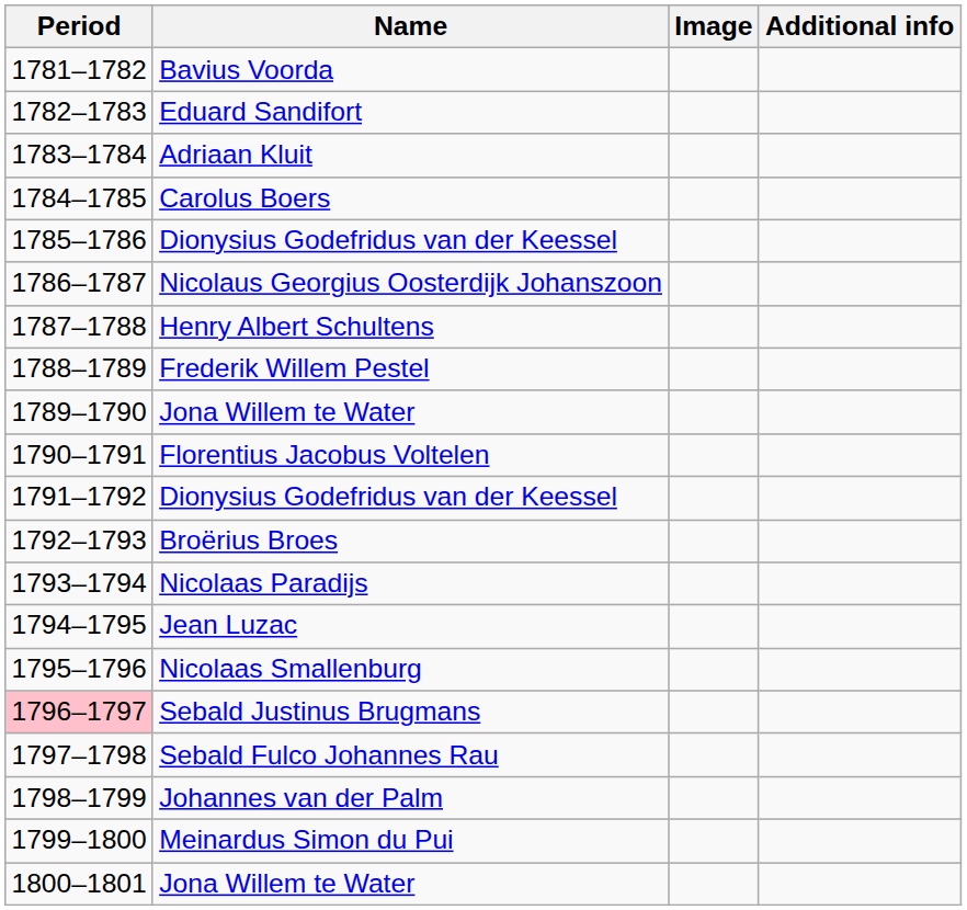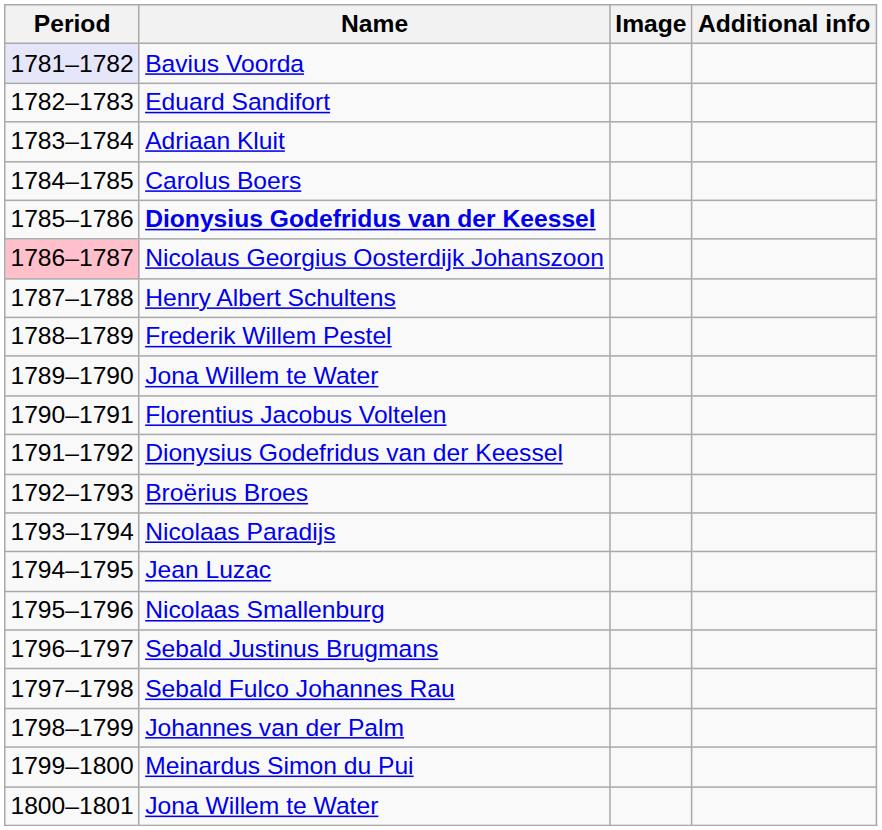 <table class="wikitable">
 <tr>
 <th>Period</th>
 <th>Name</th>
 <th>Image</th>
 <th>Additional info</th>
 </tr>
 <tr>
-<td>1781–1782</td>
+<td style="background: lavender;">1781–1782</td>
 <td><a href='#'>Bavius Voorda</a></td>
 <td></td>
 <td></td>
 </tr>
 <tr>
 <td>1782–1783</td>
 <td><a href='#'>Eduard Sandifort</a></td>
 <td></td>
 <td></td>
 </tr>
 <tr>
 <td>1783–1784</td>
 <td><a href='#'>Adriaan Kluit</a></td>
 <td></td>
 <td></td>
 </tr>
 <tr>
 <td>1784–1785</td>
 <td><a href='#'>Carolus Boers</a></td>
 <td></td>
 <td></td>
 </tr>
 <tr>
 <td>1785–1786</td>
-<td><a href='#'>Dionysius Godefridus van der Keessel</a></td>
+<td><strong><a href='#'>Dionysius Godefridus van der Keessel</a></strong></td>
 <td></td>
 <td></td>
 </tr>
 <tr>
-<td>1786–1787</td>
+<td style="background: pink;">1786–1787</td>
 <td><a href='#'>Nicolaus Georgius Oosterdijk Johanszoon</a></td>
 <td></td>
 <td></td>
 </tr>
 <tr>
 <td>1787–1788</td>
 <td><a href='#'>Henry Albert Schultens</a></td>
 <td></td>
 <td></td>
 </tr>
 <tr>
 <td>1788–1789</td>
 <td><a href='#'>Frederik Willem Pestel</a></td>
 <td></td>
 <td></td>
 </tr>
 <tr>
 <td>1789–1790</td>
 <td><a href='#'>Jona Willem te Water</a></td>
 <td></td>
 <td></td>
 </tr>
 <tr>
 <td>1790–1791</td>
 <td><a href='#'>Florentius Jacobus Voltelen</a></td>
 <td></td>
 <td></td>
 </tr>
 <tr>
 <td>1791–1792</td>
 <td><a href='#'>Dionysius Godefridus van der Keessel</a></td>
 <td></td>
 <td></td>
 </tr>
 <tr>
 <td>1792–1793</td>
 <td><a href='#'>Broërius Broes</a></td>
 <td></td>
 <td></td>
 </tr>
 <tr>
 <td>1793–1794</td>
 <td><a href='#'>Nicolaas Paradijs</a></td>
 <td></td>
 <td></td>
 </tr>
 <tr>
 <td>1794–1795</td>
 <td><a href='#'>Jean Luzac</a></td>
 <td></td>
 <td></td>
 </tr>
 <tr>
 <td>1795–1796</td>
 <td><a href='#'>Nicolaas Smallenburg</a></td>
 <td></td>
 <td></td>
 </tr>
 <tr>
-<td style="background: pink;">1796–1797</td>
+<td>1796–1797</td>
 <td><a href='#'>Sebald Justinus Brugmans</a></td>
 <td></td>
 <td></td>
 </tr>
 <tr>
 <td>1797–1798</td>
 <td><a href='#'>Sebald Fulco Johannes Rau</a></td>
 <td></td>
 <td></td>
 </tr>
 <tr>
 <td>1798–1799</td>
 <td><a href='#'>Johannes van der Palm</a></td>
 <td></td>
 <td></td>
 </tr>
 <tr>
 <td>1799–1800</td>
 <td><a href='#'>Meinardus Simon du Pui</a></td>
 <td></td>
 <td></td>
 </tr>
 <tr>
 <td>1800–1801</td>
 <td><a href='#'>Jona Willem te Water</a></td>
 <td></td>
 <td></td>
 </tr>
 <tr>
 </tr>
 </table>
